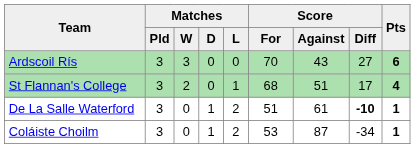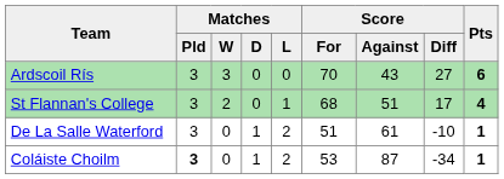 <table style=border-collapse:collapse border=1 cellspacing=0 cellpadding=5>
 <tr align=center bgcolor=#efefef>
 <th rowspan=2 width=165>Team</th>
 <th colspan=4>Matches</th>
 <th colspan=3>Score</th>
 <th rowspan=2width=20>Pts</th>
 </tr>
 <tr align=center bgcolor=#efefef>
 <th width=20>Pld</th>
 <th width=20>W</th>
 <th width=20>D</th>
 <th width=20>L</th>
 <th width=45>For</th>
 <th width=45>Against</th>
 <th width=30>Diff</th>
 </tr>
 <tr align=center style="background:#ACE1AF;">
 <td style="text-align:left;"><a href='#'>Ardscoil Rís</a></td>
 <td>3</td>
 <td>3</td>
 <td>0</td>
 <td>0</td>
 <td>70</td>
 <td>43</td>
 <td>27</td>
 <td><strong>6</strong></td>
 </tr>
 <tr align=center style="background:#ACE1AF;">
 <td style="text-align:left;"><a href='#'>St Flannan's College</a></td>
 <td>3</td>
 <td>2</td>
 <td>0</td>
 <td>1</td>
 <td>68</td>
 <td>51</td>
 <td>17</td>
 <td><strong>4</strong></td>
 </tr>
 <tr align=center>
 <td style="text-align:left;"><a href='#'>De La Salle Waterford</a></td>
 <td>3</td>
 <td>0</td>
 <td>1</td>
 <td>2</td>
 <td>51</td>
 <td>61</td>
-<td><strong>-10</strong></td>
+<td>-10</td>
 <td><strong>1</strong></td>
 </tr>
 <tr align=center>
 <td style="text-align:left;"><a href='#'>Coláiste Choilm</a></td>
-<td>3</td>
+<td><strong>3</strong></td>
 <td>0</td>
 <td>1</td>
 <td>2</td>
 <td>53</td>
 <td>87</td>
 <td>-34</td>
 <td><strong>1</strong></td>
 </tr>
 </table>
